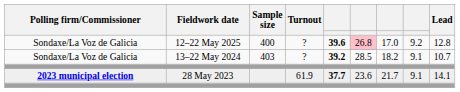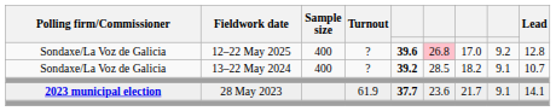 <table class="wikitable collapsible collapsed" style="text-align:center; font-size:95%; line-height:16px;">
 <tr style="height:42px;">
 <th style="width:250px;" rowspan="2">Polling firm/Commissioner</th>
 <th style="width:125px;" rowspan="2">Fieldwork date</th>
 <th style="width:50px;" rowspan="2">Sample size</th>
 <th style="width:45px;" rowspan="2">Turnout</th>
 <th style="width:35px;"></th>
 <th style="width:35px;"></th>
 <th style="width:35px;"></th>
 <th style="width:35px;"></th>
 <th style="width:30px;" rowspan="2">Lead</th>
 </tr>
 <tr>
 <th style="color:inherit;background:"></th>
 <th style="color:inherit;background:"></th>
 <th style="color:inherit;background:"></th>
 <th style="color:inherit;background:"></th>
 </tr>
 <tr>
 <td>Sondaxe/La Voz de Galicia</td>
 <td>12–22 May 2025</td>
 <td>400</td>
 <td>?</td>
 <td><strong>39.6</strong><br></td>
 <td style="background: pink;">26.8<br></td>
 <td>17.0<br></td>
 <td>9.2<br></td>
 <td style="background:">12.8</td>
 </tr>
 <tr>
 <td>Sondaxe/La Voz de Galicia</td>
 <td>13–22 May 2024</td>
-<td>403</td>
+<td>400</td>
 <td>?</td>
 <td><strong>39.2</strong><br></td>
 <td>28.5<br></td>
 <td>18.2<br></td>
 <td>9.1<br></td>
 <td style="background:">10.7</td>
 </tr>
 <tr>
 <td colspan="9" style="background:#A0A0A0"></td>
 </tr>
 <tr style="background:#EFEFEF;">
 <td><strong><a href='#'>2023 municipal election</a></strong></td>
 <td>28 May 2023</td>
 <td></td>
 <td>61.9</td>
 <td><strong>37.7</strong><br></td>
 <td>23.6<br></td>
 <td>21.7<br></td>
 <td>9.1<br></td>
 <td style="background:">14.1</td>
 </tr>
 <tr>
 <td colspan="9" style="background:#A0A0A0"></td>
 </tr>
 </table>
